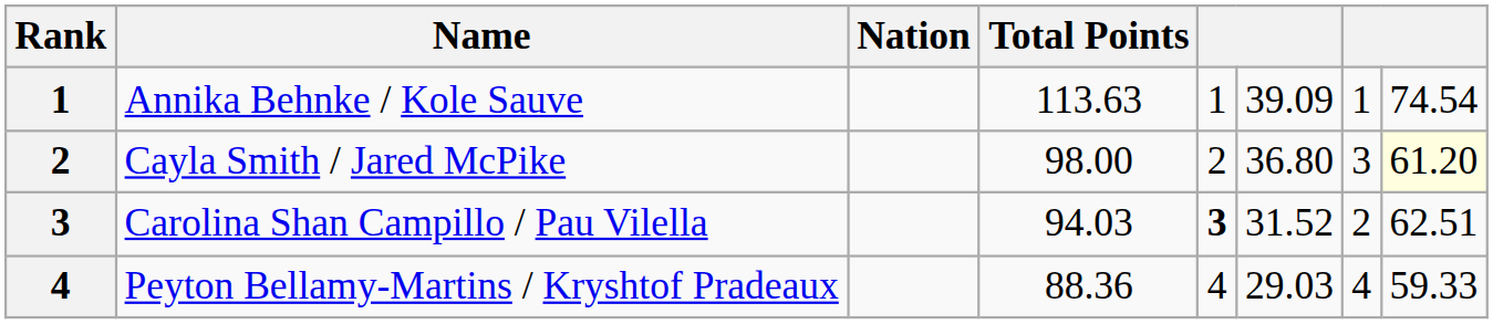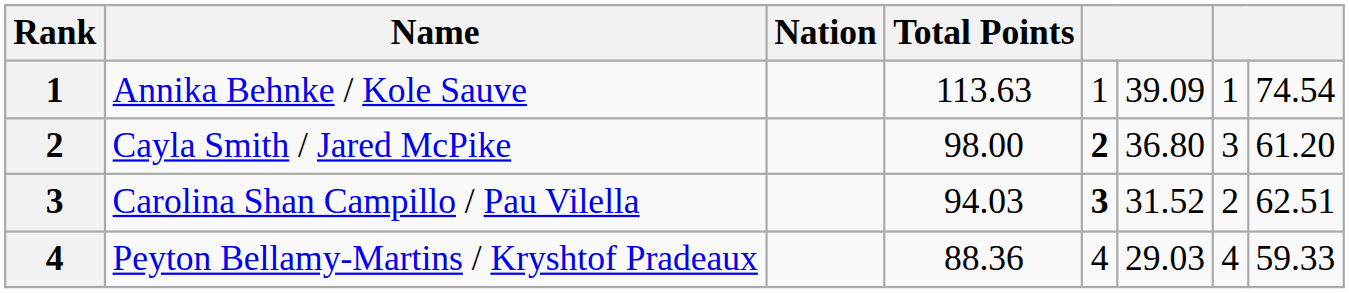 <table class="wikitable sortable" style="text-align:center">
 <tr>
 <th>Rank</th>
 <th>Name</th>
 <th>Nation</th>
 <th>Total Points</th>
 <th colspan=2></th>
 <th colspan=2></th>
 </tr>
 <tr>
 <th>1</th>
 <td align="left"><a href='#'>Annika Behnke</a> / <a href='#'>Kole Sauve</a></td>
 <td align="left"></td>
 <td>113.63</td>
 <td>1</td>
 <td>39.09</td>
 <td>1</td>
 <td>74.54</td>
 </tr>
 <tr>
 <th>2</th>
 <td align="left"><a href='#'>Cayla Smith</a> / <a href='#'>Jared McPike</a></td>
 <td align="left"></td>
 <td>98.00</td>
-<td>2</td>
+<td><strong>2</strong></td>
 <td>36.80</td>
 <td>3</td>
-<td style="background: lightyellow;">61.20</td>
+<td>61.20</td>
 </tr>
 <tr>
 <th>3</th>
 <td align="left"><a href='#'>Carolina Shan Campillo</a> / <a href='#'>Pau Vilella</a></td>
 <td align="left"></td>
 <td>94.03</td>
 <td><strong>3</strong></td>
 <td>31.52</td>
 <td>2</td>
 <td>62.51</td>
 </tr>
 <tr>
 <th>4</th>
 <td align="left"><a href='#'>Peyton Bellamy-Martins</a> / <a href='#'>Kryshtof Pradeaux</a></td>
 <td align="left"></td>
 <td>88.36</td>
 <td>4</td>
 <td>29.03</td>
 <td>4</td>
 <td>59.33</td>
 </tr>
 </table>
